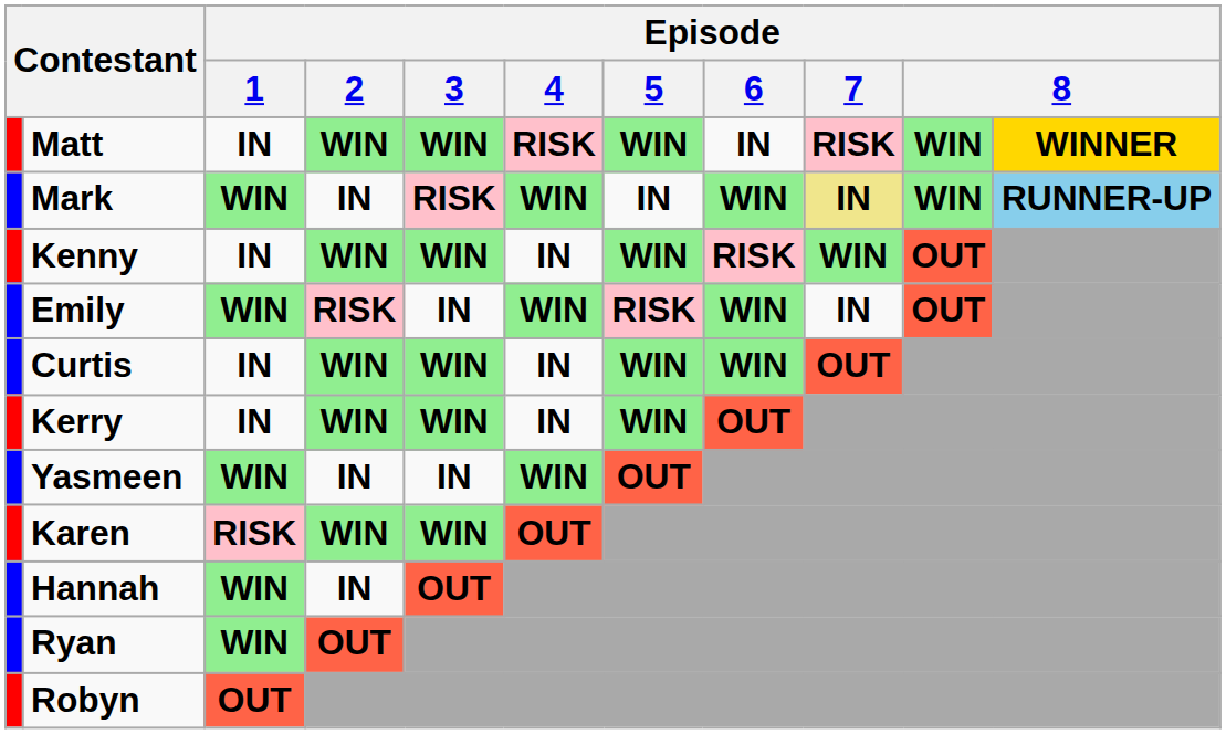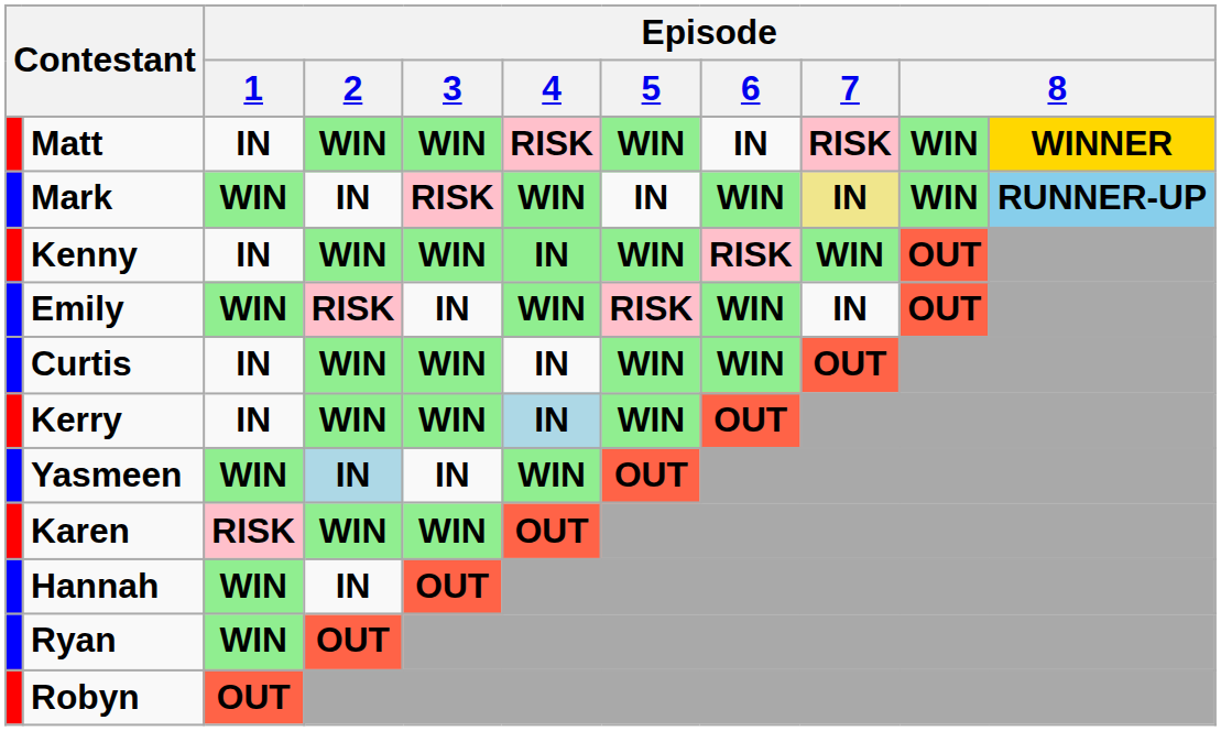 <table class="wikitable" style="text-align:center">
 <tr>
 <th rowspan=2 colspan=2>Contestant</th>
 <th colspan=11>Episode</th>
 </tr>
 <tr>
 <th colspan=1><a href='#'>1</a></th>
 <th><a href='#'>2</a></th>
 <th><a href='#'>3</a></th>
 <th><a href='#'>4</a></th>
 <th><a href='#'>5</a></th>
 <th><a href='#'>6</a></th>
 <th><a href='#'>7</a></th>
 <th colspan=3><a href='#'>8</a></th>
 </tr>
 <tr>
 <td style="background:red;"></td>
 <td align="left"><strong>Matt</strong></td>
 <td><strong>IN</strong></td>
 <td style="background:lightgreen;"><strong>WIN</strong></td>
 <td style="background:lightgreen;"><strong>WIN</strong></td>
 <td style="background:pink;"><strong>RISK</strong></td>
 <td style="background:lightgreen;"><strong>WIN</strong></td>
 <td><strong>IN</strong></td>
 <td style="background:pink;"><strong>RISK</strong></td>
 <td style="background:lightgreen;"><strong>WIN</strong></td>
 <td style="background:gold;"><strong>WINNER</strong></td>
 </tr>
 <tr>
 <td style="background:blue;"></td>
 <td align="left"><strong>Mark</strong></td>
 <td style="background:lightgreen;"><strong>WIN</strong></td>
 <td><strong>IN</strong></td>
 <td style="background:pink;"><strong>RISK</strong></td>
 <td style="background:lightgreen;"><strong>WIN</strong></td>
 <td><strong>IN</strong></td>
 <td style="background:lightgreen;"><strong>WIN</strong></td>
 <td style="background: khaki;"><strong>IN</strong></td>
 <td style="background:lightgreen;"><strong>WIN</strong></td>
 <td style="background:skyblue;"><strong>RUNNER-UP</strong></td>
 </tr>
 <tr>
 <td style="background:red;"></td>
 <td align="left"><strong>Kenny</strong></td>
 <td><strong>IN</strong></td>
 <td style="background:lightgreen;"><strong>WIN</strong></td>
 <td style="background:lightgreen;"><strong>WIN</strong></td>
-<td><strong>IN</strong></td>
+<td style="background: lightgreen;"><strong>IN</strong></td>
 <td style="background:lightgreen;"><strong>WIN</strong></td>
 <td style="background:pink;"><strong>RISK</strong></td>
 <td style="background:lightgreen;"><strong>WIN</strong></td>
 <td style="background:tomato;"><strong>OUT</strong></td>
 <td style="background:darkgrey;" colspan="2"></td>
 </tr>
 <tr>
 <td style="background:blue;"></td>
 <td align="left"><strong>Emily</strong></td>
 <td style="background:lightgreen;"><strong>WIN</strong></td>
 <td style="background:pink;"><strong>RISK</strong></td>
 <td><strong>IN</strong></td>
 <td style="background:lightgreen;"><strong>WIN</strong></td>
 <td style="background:pink;"><strong>RISK</strong></td>
 <td style="background:lightgreen;"><strong>WIN</strong></td>
 <td><strong>IN</strong></td>
 <td style="background:tomato;"><strong>OUT</strong></td>
 <td style="background:darkgrey;" colspan="2"></td>
 </tr>
 <tr>
 <td style="background:blue;"></td>
 <td align="left"><strong>Curtis</strong></td>
 <td><strong>IN</strong></td>
 <td style="background:lightgreen;"><strong>WIN</strong></td>
 <td style="background:lightgreen;"><strong>WIN</strong></td>
 <td><strong>IN</strong></td>
 <td style="background:lightgreen;"><strong>WIN</strong></td>
 <td style="background:lightgreen;"><strong>WIN</strong></td>
 <td style="background:tomato;"><strong>OUT</strong></td>
 <td style="background:darkgrey;" colspan="3"></td>
 </tr>
 <tr>
 <td style="background:red;"></td>
 <td align="left"><strong>Kerry</strong></td>
 <td><strong>IN</strong></td>
 <td style="background:lightgreen;"><strong>WIN</strong></td>
 <td style="background:lightgreen;"><strong>WIN</strong></td>
-<td><strong>IN</strong></td>
+<td style="background: lightblue;"><strong>IN</strong></td>
 <td style="background:lightgreen;"><strong>WIN</strong></td>
 <td style="background:tomato;"><strong>OUT</strong></td>
 <td style="background:darkgrey;" colspan="4"></td>
 </tr>
 <tr>
 <td style="background:blue;"></td>
 <td align="left"><strong>Yasmeen</strong></td>
 <td style="background:lightgreen;"><strong>WIN</strong></td>
-<td><strong>IN</strong></td>
+<td style="background: lightblue;"><strong>IN</strong></td>
 <td><strong>IN</strong></td>
 <td style="background:lightgreen;"><strong>WIN</strong></td>
 <td style="background:tomato;"><strong>OUT</strong></td>
 <td style="background:darkgrey;" colspan="5"></td>
 </tr>
 <tr>
 <td style="background:red;"></td>
 <td align="left"><strong>Karen</strong></td>
 <td style="background:pink;"><strong>RISK</strong></td>
 <td style="background:lightgreen;"><strong>WIN</strong></td>
 <td style="background:lightgreen;"><strong>WIN</strong></td>
 <td style="background:tomato;"><strong>OUT</strong></td>
 <td style="background:darkgrey;" colspan="6"></td>
 </tr>
 <tr>
 <td style="background:blue;"></td>
 <td align="left"><strong>Hannah</strong></td>
 <td style="background:lightgreen;"><strong>WIN</strong></td>
 <td><strong>IN</strong></td>
 <td style="background:tomato;"><strong>OUT</strong></td>
 <td style="background:darkgrey;" colspan="7"></td>
 </tr>
 <tr>
 <td style="background:blue;"></td>
 <td align="left"><strong>Ryan</strong></td>
 <td style="background:lightgreen;"><strong>WIN</strong></td>
 <td style="background:tomato;"><strong>OUT</strong></td>
 <td style="background:darkgrey;" colspan="8"></td>
 </tr>
 <tr>
 <td style="background:red;"></td>
 <td align="left"><strong>Robyn</strong></td>
 <td style="background:tomato;"><strong>OUT</strong></td>
 <td style="background:darkgrey;" colspan="9"></td>
 </tr>
 </table>
